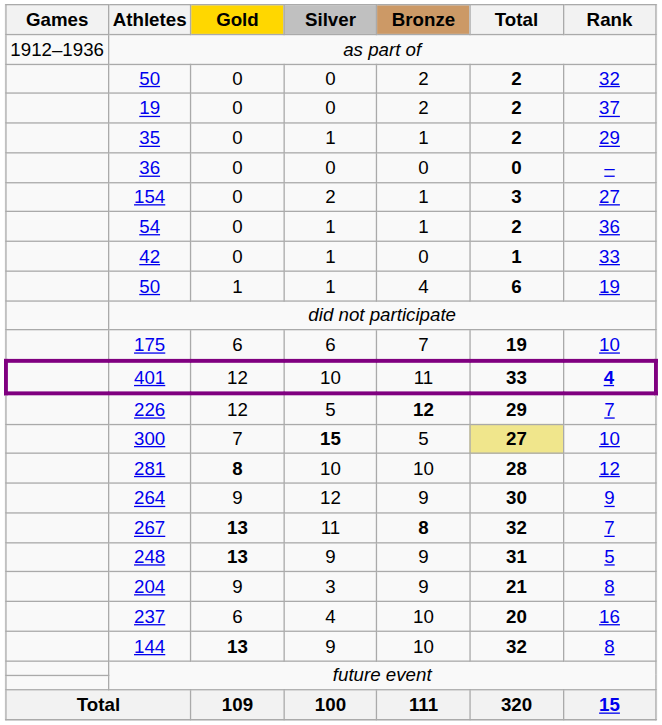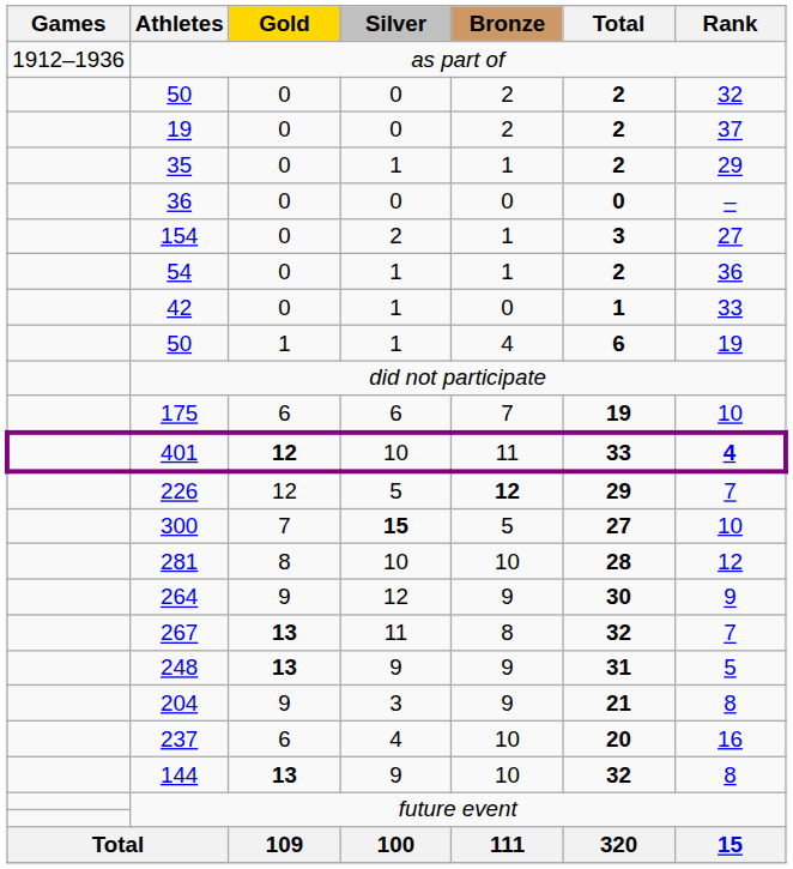 <table class="wikitable" style="text-align:center; font-size:90%;">
 <tr>
 <th>Games</th>
 <th>Athletes</th>
 <td style="background:gold; width:4.5em; font-weight:bold;">Gold</td>
 <td style="background:silver; width:4.5em; font-weight:bold;">Silver</td>
 <td style="background:#cc9966; width:4.5em; font-weight:bold;">Bronze</td>
 <th style="width:4.5em; font-weight:bold;">Total</th>
 <th style="width:4.5em; font-weight:bold;">Rank</th>
 </tr>
 <tr>
 <td align=left>1912–1936</td>
 <td colspan=6><em>as part of </em></td>
 </tr>
 <tr>
 <td align=left></td>
 <td><a href='#'>50</a></td>
 <td>0</td>
 <td>0</td>
 <td>2</td>
 <td><strong>2</strong></td>
 <td><a href='#'>32</a></td>
 </tr>
 <tr>
 <td align=left></td>
 <td><a href='#'>19</a></td>
 <td>0</td>
 <td>0</td>
 <td>2</td>
 <td><strong>2</strong></td>
 <td><a href='#'>37</a></td>
 </tr>
 <tr>
 <td align=left></td>
 <td><a href='#'>35</a></td>
 <td>0</td>
 <td>1</td>
 <td>1</td>
 <td><strong>2</strong></td>
 <td><a href='#'>29</a></td>
 </tr>
 <tr>
 <td align=left></td>
 <td><a href='#'>36</a></td>
 <td>0</td>
 <td>0</td>
 <td>0</td>
 <td><strong>0</strong></td>
 <td><a href='#'>–</a></td>
 </tr>
 <tr>
 <td align=left></td>
 <td><a href='#'>154</a></td>
 <td>0</td>
 <td>2</td>
 <td>1</td>
 <td><strong>3</strong></td>
 <td><a href='#'>27</a></td>
 </tr>
 <tr>
 <td align=left></td>
 <td><a href='#'>54</a></td>
 <td>0</td>
 <td>1</td>
 <td>1</td>
 <td><strong>2</strong></td>
 <td><a href='#'>36</a></td>
 </tr>
 <tr>
 <td align=left></td>
 <td><a href='#'>42</a></td>
 <td>0</td>
 <td>1</td>
 <td>0</td>
 <td><strong>1</strong></td>
 <td><a href='#'>33</a></td>
 </tr>
 <tr>
 <td align=left></td>
 <td><a href='#'>50</a></td>
 <td>1</td>
 <td>1</td>
 <td>4</td>
 <td><strong>6</strong></td>
 <td><a href='#'>19</a></td>
 </tr>
 <tr>
 <td align=left></td>
 <td colspan=6><em>did not participate</em></td>
 </tr>
 <tr>
 <td align=left></td>
 <td><a href='#'>175</a></td>
 <td>6</td>
 <td>6</td>
 <td>7</td>
 <td><strong>19</strong></td>
 <td><a href='#'>10</a></td>
 </tr>
 <tr style="border: 3px solid purple">
 <td align=left></td>
 <td><a href='#'>401</a></td>
-<td>12</td>
+<td><strong>12</strong></td>
 <td>10</td>
 <td>11</td>
 <td><strong>33</strong></td>
 <td><a href='#'><strong>4</strong></a></td>
 </tr>
 <tr>
 <td align=left></td>
 <td><a href='#'>226</a></td>
 <td>12</td>
 <td>5</td>
 <td><strong>12</strong></td>
 <td><strong>29</strong></td>
 <td><a href='#'>7</a></td>
 </tr>
 <tr>
 <td align=left></td>
 <td><a href='#'>300</a></td>
 <td>7</td>
 <td><strong>15</strong></td>
 <td>5</td>
-<td style="background: khaki;"><strong>27</strong></td>
+<td><strong>27</strong></td>
 <td><a href='#'>10</a></td>
 </tr>
 <tr>
 <td align=left></td>
 <td><a href='#'>281</a></td>
-<td><strong>8</strong></td>
+<td>8</td>
 <td>10</td>
 <td>10</td>
 <td><strong>28</strong></td>
 <td><a href='#'>12</a></td>
 </tr>
 <tr>
 <td align=left></td>
 <td><a href='#'>264</a></td>
 <td>9</td>
 <td>12</td>
 <td>9</td>
 <td><strong>30</strong></td>
 <td><a href='#'>9</a></td>
 </tr>
 <tr>
 <td align=left></td>
 <td><a href='#'>267</a></td>
 <td><strong>13</strong></td>
 <td>11</td>
-<td><strong>8</strong></td>
+<td>8</td>
 <td><strong>32</strong></td>
 <td><a href='#'>7</a></td>
 </tr>
 <tr>
 <td align=left></td>
 <td><a href='#'>248</a></td>
 <td><strong>13</strong></td>
 <td>9</td>
 <td>9</td>
 <td><strong>31</strong></td>
 <td><a href='#'>5</a></td>
 </tr>
 <tr>
 <td align=left></td>
 <td><a href='#'>204</a></td>
 <td>9</td>
 <td>3</td>
 <td>9</td>
 <td><strong>21</strong></td>
 <td><a href='#'>8</a></td>
 </tr>
 <tr>
 <td align=left></td>
 <td><a href='#'>237</a></td>
 <td>6</td>
 <td>4</td>
 <td>10</td>
 <td><strong>20</strong></td>
 <td><a href='#'>16</a></td>
 </tr>
 <tr>
 <td align=left></td>
 <td><a href='#'>144</a></td>
 <td><strong>13</strong></td>
 <td>9</td>
 <td>10</td>
 <td><strong>32</strong></td>
 <td><a href='#'>8</a></td>
 </tr>
 <tr>
 <td align=left></td>
 <td colspan=7; rowspan=2><em>future event</em></td>
 </tr>
 <tr>
 <td align=left></td>
 </tr>
 <tr>
 <th colspan=2>Total</th>
 <th>109</th>
 <th>100</th>
 <th>111</th>
 <th>320</th>
 <th><a href='#'>15</a></th>
 </tr>
 <tr>
 </tr>
 </table>
